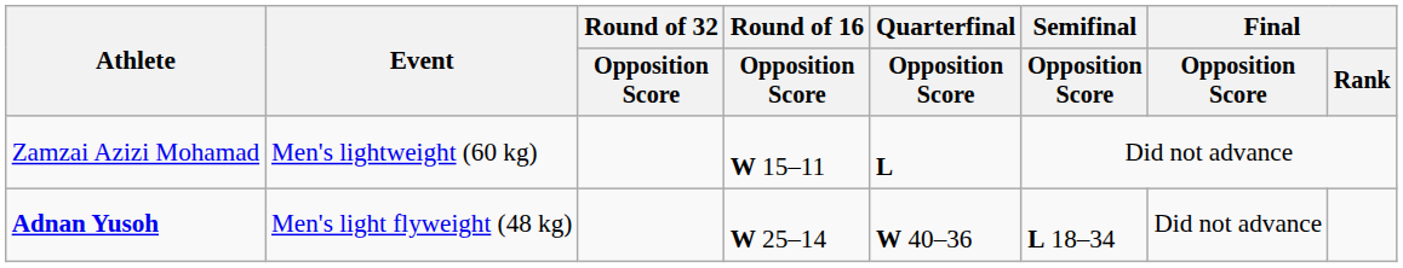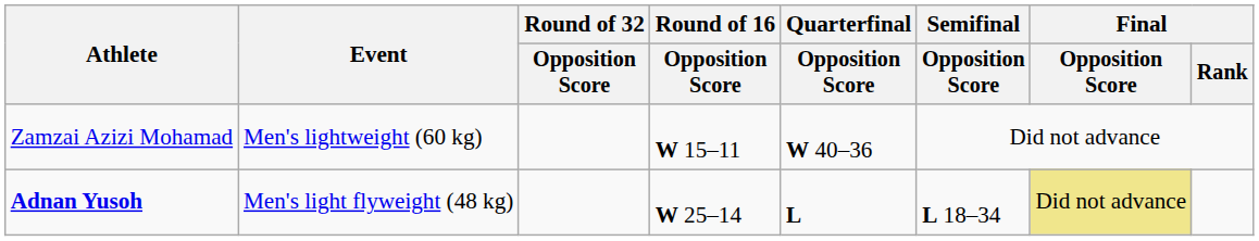 <table class="wikitable" style="font-size:90%">
 <tr>
 <th rowspan=2>Athlete</th>
 <th rowspan=2>Event</th>
 <th>Round of 32</th>
 <th>Round of 16</th>
 <th>Quarterfinal</th>
 <th>Semifinal</th>
 <th colspan=2>Final</th>
 </tr>
 <tr style="font-size:95%">
 <th>Opposition<br>Score</th>
 <th>Opposition<br>Score</th>
 <th>Opposition<br>Score</th>
 <th>Opposition<br>Score</th>
 <th>Opposition<br>Score</th>
 <th>Rank</th>
 </tr>
 <tr>
 <td><a href='#'>Zamzai Azizi Mohamad</a></td>
 <td><a href='#'>Men's lightweight</a> (60 kg)</td>
 <td></td>
 <td><br><strong>W</strong> 15–11</td>
-<td><br><strong>L</strong> </td>
+<td><br><strong>W</strong> 40–36</td>
 <td colspan=3 align=center>Did not advance</td>
 </tr>
 <tr>
 <td><strong><a href='#'>Adnan Yusoh</a></strong></td>
 <td><a href='#'>Men's light flyweight</a> (48 kg)</td>
 <td></td>
 <td><br><strong>W</strong> 25–14</td>
-<td><br><strong>W</strong> 40–36</td>
+<td><br><strong>L</strong> </td>
 <td><br><strong>L</strong> 18–34</td>
-<td align=center>Did not advance</td>
+<td align=center style="background: khaki;">Did not advance</td>
 <td align=center></td>
 </tr>
 </table>
